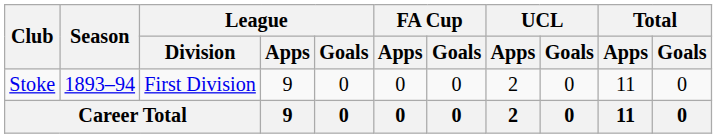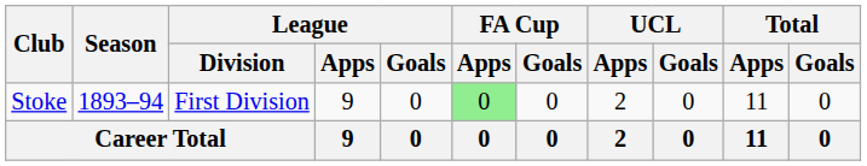 <table class="wikitable" style="text-align: center;">
 <tr>
 <th rowspan="2">Club</th>
 <th rowspan="2">Season</th>
 <th colspan="3">League</th>
 <th colspan="2">FA Cup</th>
 <th colspan="2">UCL</th>
 <th colspan="2">Total</th>
 </tr>
 <tr>
 <th>Division</th>
 <th>Apps</th>
 <th>Goals</th>
 <th>Apps</th>
 <th>Goals</th>
 <th>Apps</th>
 <th>Goals</th>
 <th>Apps</th>
 <th>Goals</th>
 </tr>
 <tr>
 <td><a href='#'>Stoke</a></td>
 <td><a href='#'>1893–94</a></td>
 <td><a href='#'>First Division</a></td>
 <td>9</td>
 <td>0</td>
-<td>0</td>
+<td style="background: lightgreen;">0</td>
 <td>0</td>
 <td>2</td>
 <td>0</td>
 <td>11</td>
 <td>0</td>
 </tr>
 <tr>
 <th colspan="3">Career Total</th>
 <th>9</th>
 <th>0</th>
 <th>0</th>
 <th>0</th>
 <th>2</th>
 <th>0</th>
 <th>11</th>
 <th>0</th>
 </tr>
 </table>
